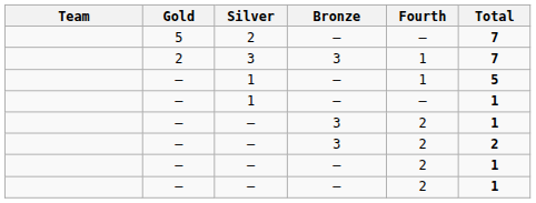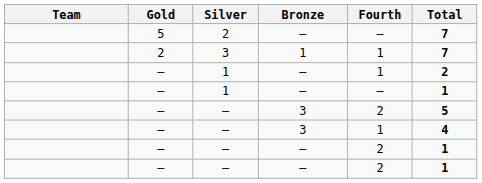 <table class="wikitable sortable" style="text-align:center;">
 <tr>
 <th style="width:10em;">Team</th>
 <th style="width:5em;"> Gold</th>
 <th style="width:5em;"> Silver</th>
 <th style="width:7.5em; padding:0;"> Bronze</th>
 <th style="width:5em;">Fourth</th>
 <th style="width:5em;">Total </th>
 </tr>
 <tr>
 <td align="left"></td>
 <td>5</td>
 <td>2</td>
 <td>—</td>
 <td>—</td>
 <td><strong>7</strong></td>
 </tr>
 <tr>
 <td align="left"></td>
 <td>2</td>
 <td>3</td>
-<td>3</td>
+<td>1</td>
 <td>1</td>
 <td><strong>7</strong></td>
 </tr>
 <tr>
 <td align="left"></td>
 <td>—</td>
 <td>1</td>
 <td>—</td>
 <td>1</td>
-<td><strong>5</strong></td>
+<td><strong>2</strong></td>
 </tr>
 <tr>
 <td align="left"></td>
 <td>—</td>
 <td>1</td>
 <td>—</td>
 <td>—</td>
 <td><strong>1</strong></td>
 </tr>
 <tr>
 <td align="left"></td>
 <td>—</td>
 <td>—</td>
 <td>3</td>
 <td>2</td>
-<td><strong>1</strong></td>
+<td><strong>5</strong></td>
 </tr>
 <tr>
 <td align="left"></td>
 <td>—</td>
 <td>—</td>
 <td>3</td>
-<td>2</td>
-<td><strong>2</strong></td>
+<td>1</td>
+<td><strong>4</strong></td>
 </tr>
 <tr>
 <td align="left"></td>
 <td>—</td>
 <td>—</td>
 <td>—</td>
 <td>2</td>
 <td><strong>1</strong></td>
 </tr>
 <tr>
 <td align="left"></td>
 <td>—</td>
 <td>—</td>
 <td>—</td>
 <td>2</td>
 <td><strong>1</strong></td>
 </tr>
 </table>
